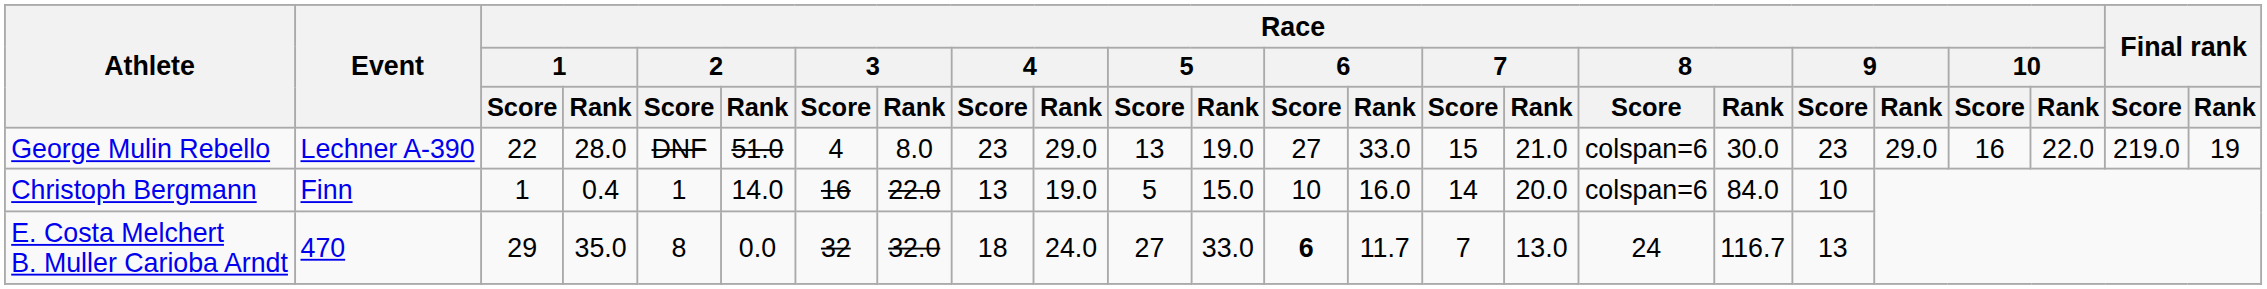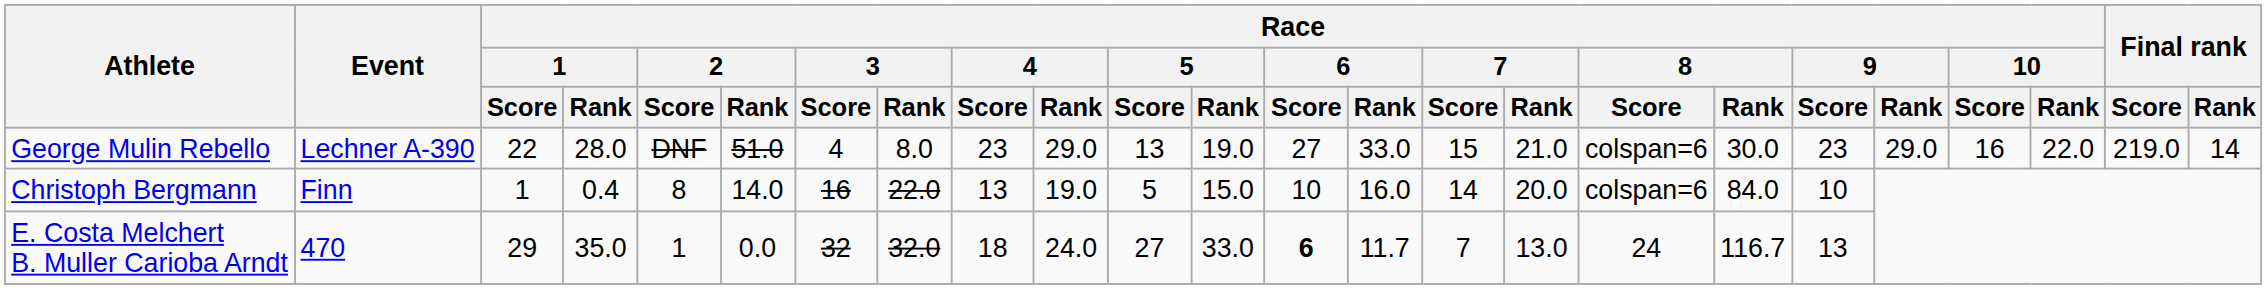 <table class="wikitable" style="font-size:90%">
 <tr>
 <th rowspan="3">Athlete</th>
 <th rowspan="3">Event</th>
 <th colspan="20">Race</th>
 <th rowspan=2 colspan="2">Final rank</th>
 </tr>
 <tr style="font-size:95%">
 <th colspan="2">1</th>
 <th colspan="2">2</th>
 <th colspan="2">3</th>
 <th colspan="2">4</th>
 <th colspan="2">5</th>
 <th colspan="2">6</th>
 <th colspan="2">7</th>
 <th colspan="2">8</th>
 <th colspan="2">9</th>
 <th colspan="2">10</th>
 </tr>
 <tr style="font-size:95%">
 <th>Score</th>
 <th>Rank</th>
 <th>Score</th>
 <th>Rank</th>
 <th>Score</th>
 <th>Rank</th>
 <th>Score</th>
 <th>Rank</th>
 <th>Score</th>
 <th>Rank</th>
 <th>Score</th>
 <th>Rank</th>
 <th>Score</th>
 <th>Rank</th>
 <th>Score</th>
 <th>Rank</th>
 <th>Score</th>
 <th>Rank</th>
 <th>Score</th>
 <th>Rank</th>
 <th>Score</th>
 <th>Rank</th>
 </tr>
 <tr align=center>
 <td align=left><a href='#'>George Mulin Rebello</a></td>
 <td align=left><a href='#'>Lechner A-390</a></td>
 <td>22</td>
 <td>28.0</td>
 <td><s>DNF</s></td>
 <td><s>51.0</s></td>
 <td>4</td>
 <td>8.0</td>
 <td>23</td>
 <td>29.0</td>
 <td>13</td>
 <td>19.0</td>
 <td>27</td>
 <td>33.0</td>
 <td>15</td>
 <td>21.0</td>
 <td>colspan=6</td>
 <td>30.0</td>
 <td>23</td>
 <td>29.0</td>
 <td>16</td>
 <td>22.0</td>
 <td>219.0</td>
-<td>19</td>
+<td>14</td>
 </tr>
 <tr align=center>
 <td align=left><a href='#'>Christoph Bergmann</a></td>
 <td align=left><a href='#'>Finn</a></td>
 <td>1</td>
 <td>0.4</td>
-<td>1</td>
+<td>8</td>
 <td>14.0</td>
 <td><s>16</s></td>
 <td><s>22.0</s></td>
 <td>13</td>
 <td>19.0</td>
 <td>5</td>
 <td>15.0</td>
 <td>10</td>
 <td>16.0</td>
 <td>14</td>
 <td>20.0</td>
 <td>colspan=6</td>
 <td>84.0</td>
 <td>10</td>
 </tr>
 <tr align=center>
 <td align=left><a href='#'>E. Costa Melchert</a><br><a href='#'>B. Muller Carioba Arndt</a></td>
 <td align=left><a href='#'>470</a></td>
 <td>29</td>
 <td>35.0</td>
-<td>8</td>
+<td>1</td>
 <td>0.0</td>
 <td><s>32</s></td>
 <td><s>32.0</s></td>
 <td>18</td>
 <td>24.0</td>
 <td>27</td>
 <td>33.0</td>
 <td><strong>6</strong></td>
 <td>11.7</td>
 <td>7</td>
 <td>13.0</td>
 <td>24</td>
 <td>116.7</td>
 <td>13</td>
 </tr>
 </table>
